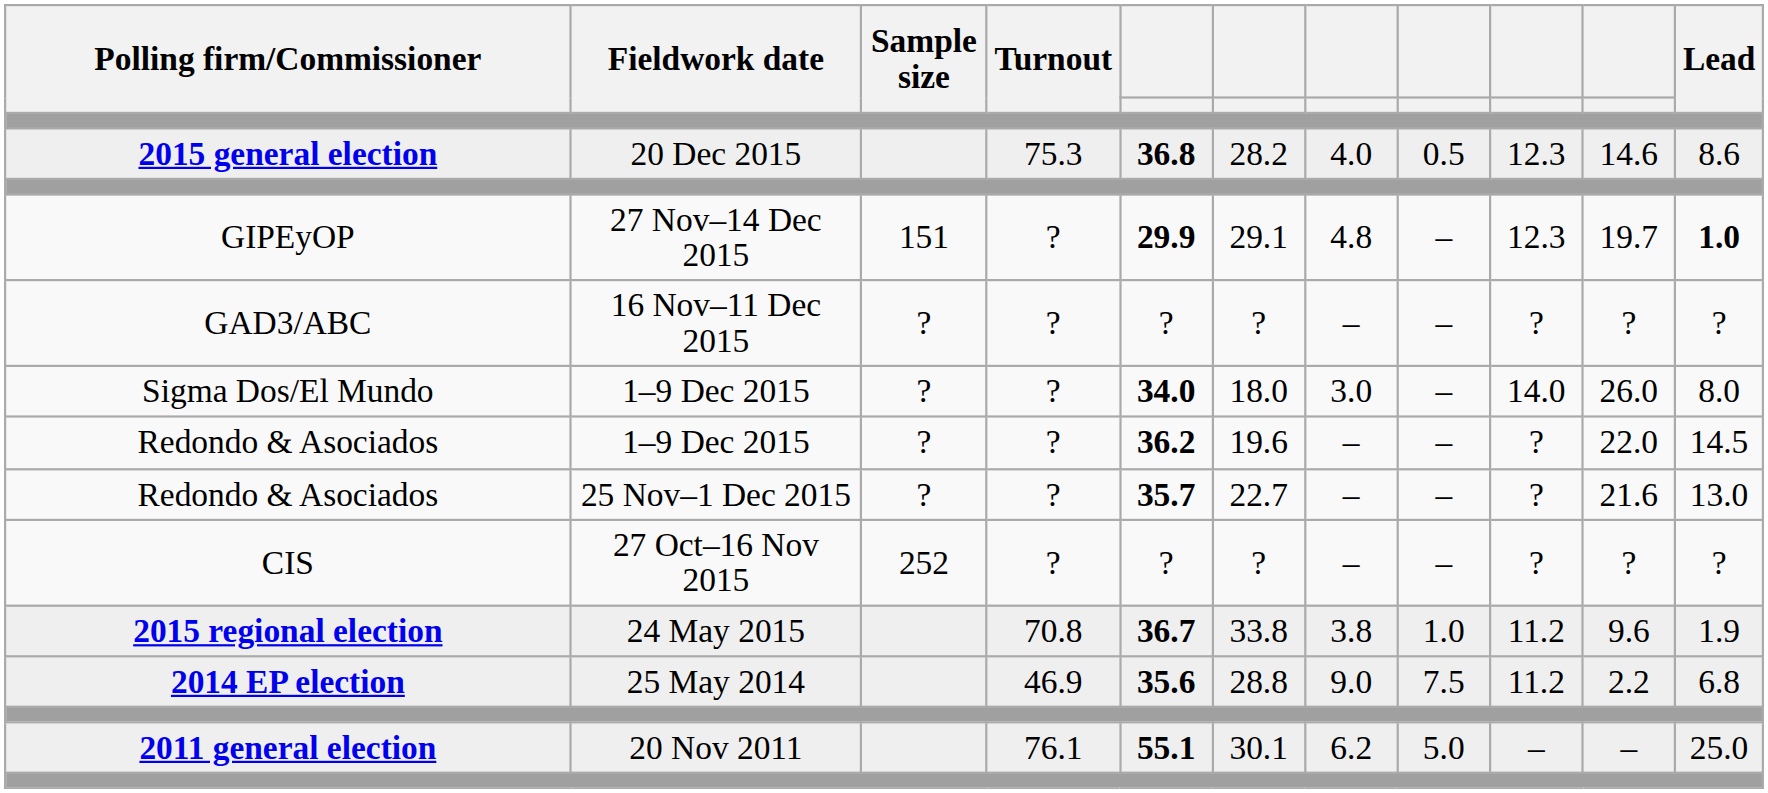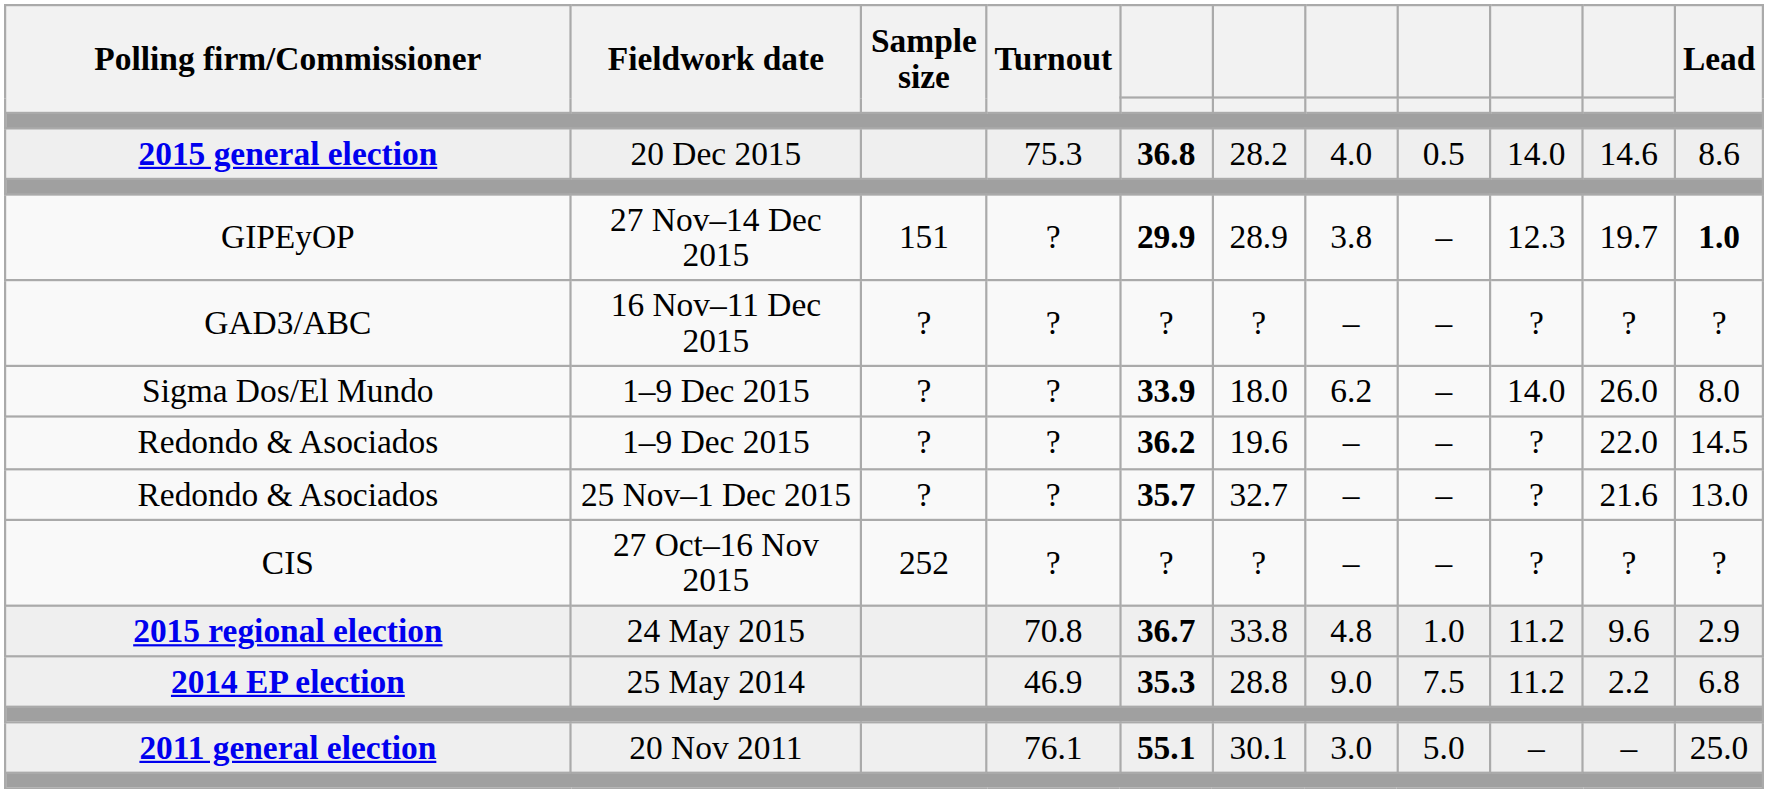 <table class="wikitable collapsible collapsed" style="text-align:center; font-size:95%; line-height:16px;">
 <tr style="height:42px; background-color:#E9E9E9">
 <th style="width:250px;" rowspan="2">Polling firm/Commissioner</th>
 <th style="width:125px;" rowspan="2">Fieldwork date</th>
 <th style="width:50px;" rowspan="2">Sample size</th>
 <th style="width:45px;" rowspan="2">Turnout</th>
 <th style="width:35px;"></th>
 <th style="width:35px;"></th>
 <th style="width:35px;"></th>
 <th style="width:35px;"></th>
 <th style="width:35px;"></th>
 <th style="width:35px;"></th>
 <th style="width:30px;" rowspan="2">Lead</th>
 </tr>
 <tr>
 <th style="color:inherit;background:"></th>
 <th style="color:inherit;background:"></th>
 <th style="color:inherit;background:"></th>
 <th style="color:inherit;background:"></th>
 <th style="color:inherit;background:"></th>
 <th style="color:inherit;background:"></th>
 </tr>
 <tr>
 <td colspan="11" style="background:#A0A0A0"></td>
 </tr>
 <tr style="background:#EFEFEF;">
 <td><strong><a href='#'>2015 general election</a></strong></td>
 <td>20 Dec 2015</td>
 <td></td>
 <td>75.3</td>
 <td><strong>36.8</strong><br></td>
 <td>28.2<br></td>
 <td>4.0<br></td>
 <td>0.5<br></td>
-<td>12.3<br></td>
+<td>14.0<br></td>
 <td>14.6<br></td>
 <td style="background:">8.6</td>
 </tr>
 <tr>
 <td colspan="11" style="background:#A0A0A0"></td>
 </tr>
 <tr>
 <td>GIPEyOP</td>
 <td>27 Nov–14 Dec 2015</td>
 <td>151</td>
 <td>?</td>
 <td><strong>29.9</strong><br></td>
-<td>29.1<br></td>
-<td>4.8<br></td>
+<td>28.9<br></td>
+<td>3.8<br></td>
 <td>–</td>
 <td>12.3<br></td>
 <td>19.7<br></td>
 <td style="background:"><strong>1.0</strong></td>
 </tr>
 <tr>
 <td>GAD3/ABC</td>
 <td>16 Nov–11 Dec 2015</td>
 <td>?</td>
 <td>?</td>
 <td>?<br></td>
 <td>?<br></td>
 <td>–</td>
 <td>–</td>
 <td>?<br></td>
 <td>?<br></td>
 <td style="background:">?</td>
 </tr>
 <tr>
 <td>Sigma Dos/El Mundo</td>
 <td>1–9 Dec 2015</td>
 <td>?</td>
 <td>?</td>
-<td><strong>34.0</strong><br></td>
+<td><strong>33.9</strong><br></td>
 <td>18.0<br></td>
-<td>3.0<br></td>
+<td>6.2<br></td>
 <td>–</td>
 <td>14.0<br></td>
 <td>26.0<br></td>
 <td style="background:">8.0</td>
 </tr>
 <tr>
 <td>Redondo & Asociados</td>
 <td>1–9 Dec 2015</td>
 <td>?</td>
 <td>?</td>
 <td><strong>36.2</strong><br></td>
 <td>19.6<br></td>
 <td>–</td>
 <td>–</td>
 <td>?<br></td>
 <td>22.0<br></td>
 <td style="background:">14.5</td>
 </tr>
 <tr>
 <td>Redondo & Asociados</td>
 <td>25 Nov–1 Dec 2015</td>
 <td>?</td>
 <td>?</td>
 <td><strong>35.7</strong><br></td>
-<td>22.7<br></td>
+<td>32.7<br></td>
 <td>–</td>
 <td>–</td>
 <td>?<br></td>
 <td>21.6<br></td>
 <td style="background:">13.0</td>
 </tr>
 <tr>
 <td>CIS</td>
 <td>27 Oct–16 Nov 2015</td>
 <td>252</td>
 <td>?</td>
 <td>?<br></td>
 <td>?<br></td>
 <td>–</td>
 <td>–</td>
 <td>?<br></td>
 <td>?<br></td>
 <td style="background:">?</td>
 </tr>
 <tr style="background:#EFEFEF;">
 <td><strong><a href='#'>2015 regional election</a></strong></td>
 <td>24 May 2015</td>
 <td></td>
 <td>70.8</td>
 <td><strong>36.7</strong><br></td>
 <td>33.8<br></td>
-<td>3.8<br></td>
+<td>4.8<br></td>
 <td>1.0<br></td>
 <td>11.2<br></td>
 <td>9.6<br></td>
-<td style="background:">1.9</td>
+<td style="background:">2.9</td>
 </tr>
 <tr style="background:#EFEFEF;">
 <td><strong><a href='#'>2014 EP election</a></strong></td>
 <td>25 May 2014</td>
 <td></td>
 <td>46.9</td>
-<td><strong>35.6</strong><br></td>
+<td><strong>35.3</strong><br></td>
 <td>28.8<br></td>
 <td>9.0<br></td>
 <td>7.5<br></td>
 <td>11.2<br></td>
 <td>2.2<br></td>
 <td style="background:">6.8</td>
 </tr>
 <tr>
 <td colspan="11" style="background:#A0A0A0"></td>
 </tr>
 <tr style="background:#EFEFEF;">
 <td><strong><a href='#'>2011 general election</a></strong></td>
 <td>20 Nov 2011</td>
 <td></td>
 <td>76.1</td>
 <td><strong>55.1</strong><br></td>
 <td>30.1<br></td>
-<td>6.2<br></td>
+<td>3.0<br></td>
 <td>5.0<br></td>
 <td>–</td>
 <td>–</td>
 <td style="background:">25.0</td>
 </tr>
 <tr>
 <td colspan="11" style="background:#A0A0A0"></td>
 </tr>
 </table>
